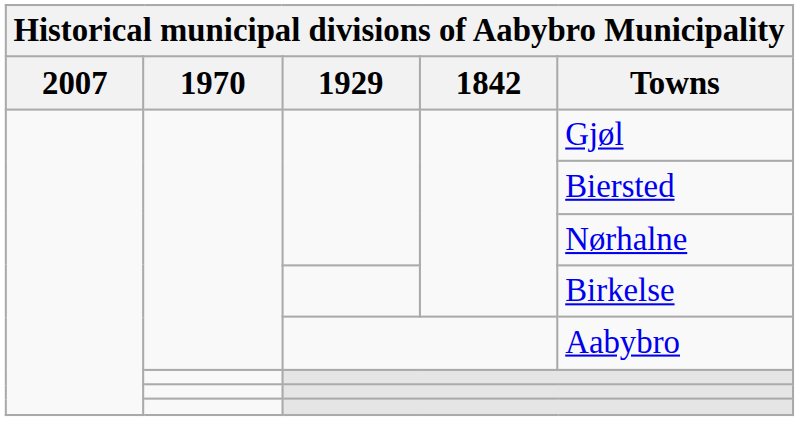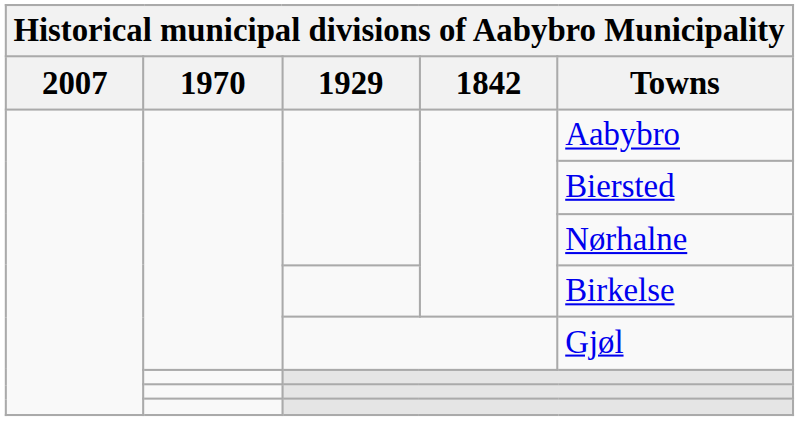 <table class="wikitable" style="margin-left:1em;" style="text-align: center">
 <tr>
 <th colspan="99">Historical municipal divisions of Aabybro Municipality</th>
 </tr>
 <tr>
 <th>2007</th>
 <th>1970</th>
 <th>1929</th>
 <th>1842</th>
 <th>Towns</th>
 </tr>
 <tr>
 <td rowspan="99"></td>
 <td rowspan="5"></td>
 <td rowspan="3"></td>
 <td rowspan="4"></td>
-<td><a href='#'>Gjøl</a></td>
+<td><a href='#'>Aabybro</a></td>
 </tr>
 <tr>
 <td><a href='#'>Biersted</a></td>
 </tr>
 <tr>
 <td><a href='#'>Nørhalne</a></td>
 </tr>
 <tr>
 <td colspan="1"></td>
 <td><a href='#'>Birkelse</a></td>
 </tr>
 <tr>
 <td colspan="2"></td>
-<td><a href='#'>Aabybro</a></td>
+<td><a href='#'>Gjøl</a></td>
 </tr>
 <tr>
 <td></td>
 <td colspan="5" style="background:#E5E5E5;"></td>
 </tr>
 <tr>
 <td></td>
 <td colspan="5" style="background:#E5E5E5;"></td>
 </tr>
 <tr>
 <td></td>
 <td colspan="5" style="background:#E5E5E5;"></td>
 </tr>
 </table>
